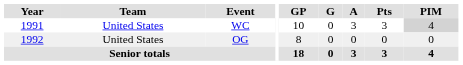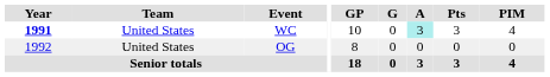 <table border="0" cellpadding="1" cellspacing="0" ID="Table3" style="text-align:center; width:40em">
 <tr ALIGN="center" bgcolor="#e0e0e0">
 <th>Year</th>
 <th>Team</th>
 <th>Event</th>
 <th rowspan="99" bgcolor="#ffffff"></th>
 <th>GP</th>
 <th>G</th>
 <th>A</th>
 <th>Pts</th>
 <th>PIM</th>
 </tr>
 <tr>
-<td><a href='#'>1991</a></td>
+<td><strong><a href='#'>1991</a></strong></td>
 <td><a href='#'>United States</a></td>
 <td><a href='#'>WC</a></td>
 <td>10</td>
 <td>0</td>
+<td style="background: paleturquoise;">3</td>
 <td>3</td>
-<td>3</td>
-<td style="background: lightgrey;">4</td>
+<td>4</td>
 </tr>
 <tr bgcolor="#f0f0f0">
 <td><a href='#'>1992</a></td>
 <td>United States</td>
 <td><a href='#'>OG</a></td>
 <td>8</td>
 <td>0</td>
 <td>0</td>
 <td>0</td>
 <td>0</td>
 </tr>
 <tr bgcolor="#e0e0e0">
 <th colspan="3">Senior totals</th>
 <th>18</th>
 <th>0</th>
 <th>3</th>
 <th>3</th>
 <th>4</th>
 </tr>
 </table>
